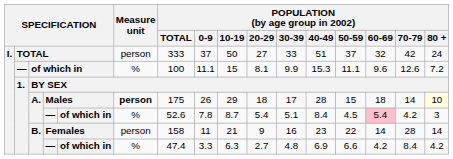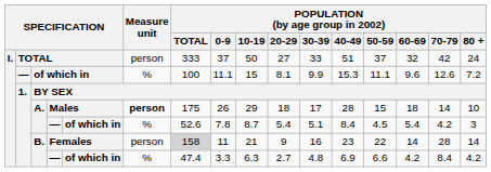 <table class="wikitable" style="font-size:85%; text-align:center">
 <tr>
 <th rowspan="2" colspan="5">SPECIFICATION</th>
 <th rowspan="2">Measure<br> unit</th>
 <th colspan="10" rowspan="1">POPULATION<br> (by age group in 2002)</th>
 </tr>
 <tr>
 <th>TOTAL</th>
 <th>0-9</th>
 <th>10-19</th>
 <th>20-29</th>
 <th>30-39</th>
 <th>40-49</th>
 <th>50-59</th>
 <th>60-69</th>
 <th>70-79</th>
 <th>80 +</th>
 </tr>
 <tr>
 <th style="text-align:left" valign="top" rowspan="7">I.</th>
 <th style="text-align:left" colspan="4">TOTAL</th>
 <td>person</td>
 <td>333</td>
 <td>37</td>
 <td>50</td>
 <td>27</td>
 <td>33</td>
 <td>51</td>
 <td>37</td>
 <td>32</td>
 <td>42</td>
 <td>24</td>
 </tr>
 <tr>
 <th style="text-align:left" valign="top">—</th>
 <th style="text-align:left" colspan="3">of which in</th>
 <td>%</td>
 <td>100</td>
 <td>11.1</td>
 <td>15</td>
 <td>8.1</td>
 <td>9.9</td>
 <td>15.3</td>
 <td>11.1</td>
 <td>9.6</td>
 <td>12.6</td>
 <td>7.2</td>
 </tr>
 <tr>
 <th style="text-align:left" valign="top" rowspan="5">1.</th>
 <th style="text-align:left" colspan="14">BY SEX</th>
 </tr>
 <tr>
 <th style="text-align:left" valign="top" rowspan="2">A.</th>
 <th style="text-align:left" colspan="2">Males</th>
 <td><strong>person</strong></td>
 <td>175</td>
 <td>26</td>
 <td>29</td>
 <td>18</td>
 <td>17</td>
 <td>28</td>
 <td>15</td>
 <td>18</td>
 <td>14</td>
-<td style="background: lightyellow;">10</td>
+<td>10</td>
 </tr>
 <tr>
 <th style="text-align:left" valign="top">—</th>
 <th style="text-align:left" colspan="1">of which in</th>
 <td>%</td>
 <td>52.6</td>
 <td>7.8</td>
 <td>8.7</td>
 <td>5.4</td>
 <td>5.1</td>
 <td>8.4</td>
 <td>4.5</td>
-<td style="background: pink;">5.4</td>
+<td>5.4</td>
 <td>4.2</td>
 <td>3</td>
 </tr>
 <tr>
 <th style="text-align:left" valign="top" rowspan="2">B.</th>
 <th style="text-align:left" colspan="2">Females</th>
 <td>person</td>
-<td>158</td>
+<td style="background: lightgrey;">158</td>
 <td>11</td>
 <td>21</td>
 <td>9</td>
 <td>16</td>
 <td>23</td>
 <td>22</td>
 <td>14</td>
 <td>28</td>
 <td>14</td>
 </tr>
 <tr>
 <th style="text-align:left" valign="top">—</th>
 <th style="text-align:left" colspan="1">of which in</th>
 <td>%</td>
 <td>47.4</td>
 <td>3.3</td>
 <td>6.3</td>
 <td>2.7</td>
 <td>4.8</td>
 <td>6.9</td>
 <td>6.6</td>
 <td>4.2</td>
 <td>8.4</td>
 <td>4.2</td>
 </tr>
 </table>
